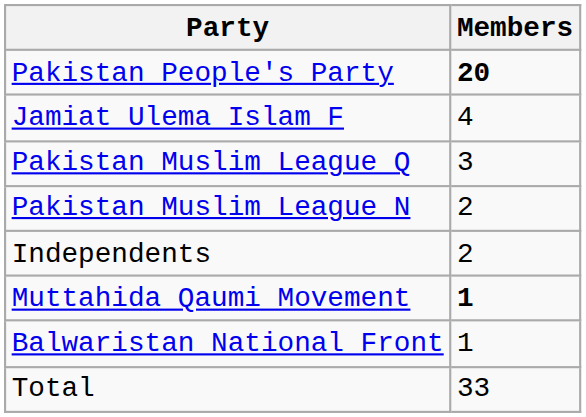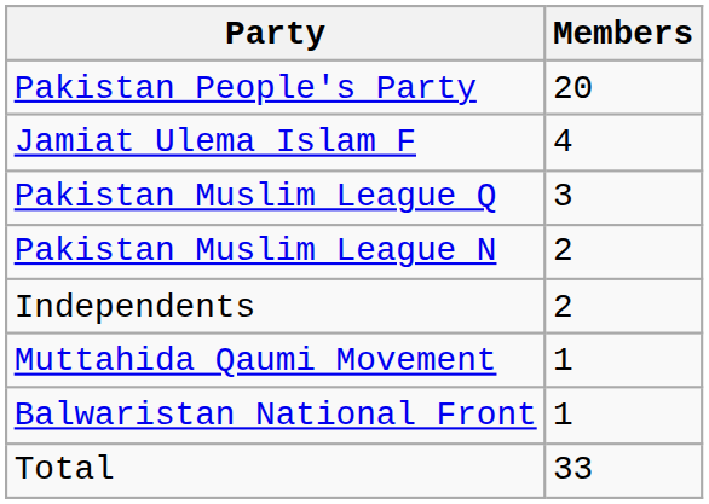 <table class="wikitable">
 <tr>
 <th>Party</th>
 <th>Members</th>
 </tr>
 <tr>
 <td><a href='#'>Pakistan People's Party</a></td>
-<td><strong>20</strong></td>
+<td>20</td>
 </tr>
 <tr>
 <td><a href='#'>Jamiat Ulema Islam F</a></td>
 <td>4</td>
 </tr>
 <tr>
 <td><a href='#'>Pakistan Muslim League Q</a></td>
 <td>3</td>
 </tr>
 <tr>
 <td><a href='#'>Pakistan Muslim League N</a></td>
 <td>2</td>
 </tr>
 <tr>
 <td>Independents</td>
 <td>2</td>
 </tr>
 <tr>
 <td><a href='#'>Muttahida Qaumi Movement</a></td>
-<td><strong>1</strong></td>
+<td>1</td>
 </tr>
 <tr>
 <td><a href='#'>Balwaristan National Front</a></td>
 <td>1</td>
 </tr>
 <tr>
 <td>Total</td>
 <td>33</td>
 </tr>
 </table>
